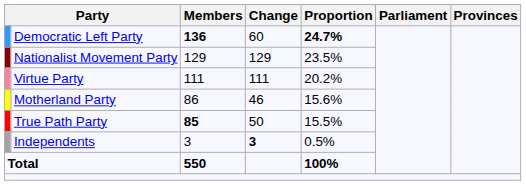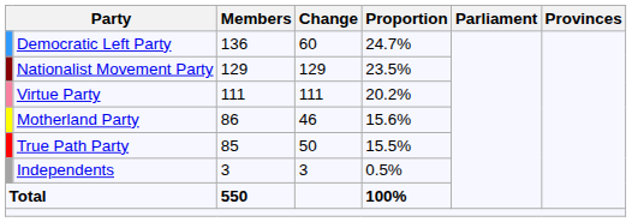 <table class=wikitable style="border:1px solid #8888aa; background-color:#f7f8ff; padding:0px; font-size:90%;">
 <tr>
 <th colspan="2">Party</th>
 <th>Members</th>
 <th>Change</th>
 <th>Proportion</th>
 <th>Parliament</th>
 <th>Provinces</th>
 </tr>
 <tr>
 <td style="background: #2E9AFE"></td>
 <td><a href='#'>Democratic Left Party</a></td>
-<td><strong>136</strong></td>
+<td>136</td>
 <td>60</td>
-<td><strong>24.7%</strong></td>
+<td>24.7%</td>
 <td rowspan="7"></td>
 <td rowspan="7"><br></td>
 </tr>
 <tr>
 <td style="background: #870000"></td>
 <td><a href='#'>Nationalist Movement Party</a></td>
 <td>129</td>
 <td>129</td>
 <td>23.5%</td>
 </tr>
 <tr>
 <td style="background: #F7819F"></td>
 <td><a href='#'>Virtue Party</a></td>
 <td>111</td>
 <td>111</td>
 <td>20.2%</td>
 </tr>
 <tr>
 <td style="background: #ffff00"></td>
 <td><a href='#'>Motherland Party</a></td>
 <td>86</td>
 <td>46</td>
 <td>15.6%</td>
 </tr>
 <tr>
 <td style="background: #ff0000"></td>
 <td><a href='#'>True Path Party</a></td>
-<td><strong>85</strong></td>
+<td>85</td>
 <td>50</td>
 <td>15.5%</td>
 </tr>
 <tr>
 <td style="background: #a4a4a4"></td>
 <td><a href='#'>Independents</a></td>
 <td>3</td>
-<td><strong>3</strong></td>
+<td>3</td>
 <td>0.5%</td>
 </tr>
 <tr>
 <td colspan="2"><strong>Total</strong></td>
 <td><strong>550</strong></td>
 <td></td>
 <td><strong>100%</strong></td>
 </tr>
 <tr>
 <td colspan="7"></td>
 </tr>
 </table>
